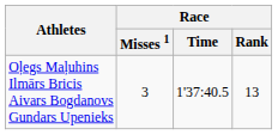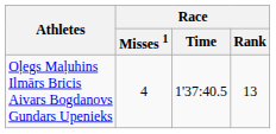 <table class="wikitable" border="1" style="font-size:90%">
 <tr>
 <th rowspan=2>Athletes</th>
 <th colspan=3>Race</th>
 </tr>
 <tr>
 <th>Misses <sup>1</sup></th>
 <th>Time</th>
 <th>Rank</th>
 </tr>
 <tr>
 <td><a href='#'>Oļegs Maļuhins</a><br><a href='#'>Ilmārs Bricis</a><br><a href='#'>Aivars Bogdanovs</a><br><a href='#'>Gundars Upenieks</a></td>
-<td align=center>3</td>
+<td align=center>4</td>
 <td align=center>1'37:40.5</td>
 <td align=center>13</td>
 </tr>
 </table>
